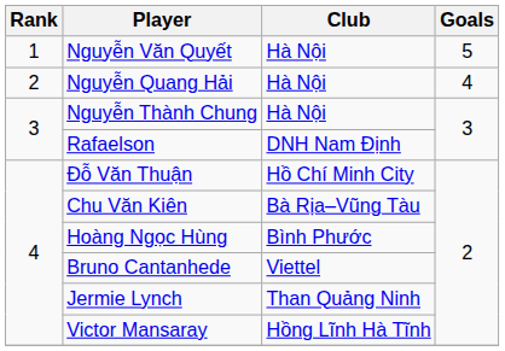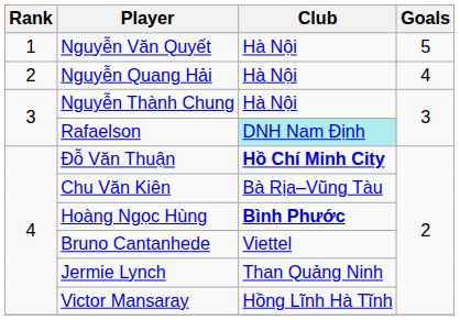 <table class="wikitable" style="text-align:center;">
 <tr>
 <th>Rank</th>
 <th>Player</th>
 <th>Club</th>
 <th>Goals</th>
 </tr>
 <tr>
 <td rowspan=1>1</td>
 <td align="left"> <a href='#'>Nguyễn Văn Quyết</a></td>
 <td align="left"><a href='#'>Hà Nội</a></td>
 <td rowspan=1>5</td>
 </tr>
 <tr>
 <td rowspan=1>2</td>
 <td align="left"> <a href='#'>Nguyễn Quang Hải</a></td>
 <td align="left"><a href='#'>Hà Nội</a></td>
 <td rowspan=1>4</td>
 </tr>
 <tr>
 <td rowspan=2>3</td>
 <td align="left"> <a href='#'>Nguyễn Thành Chung</a></td>
 <td align="left"><a href='#'>Hà Nội</a></td>
 <td rowspan=2>3</td>
 </tr>
 <tr>
 <td align="left"> <a href='#'>Rafaelson</a></td>
-<td align="left"><a href='#'>DNH Nam Định</a></td>
+<td align="left" style="background: paleturquoise;"><a href='#'>DNH Nam Định</a></td>
 </tr>
 <tr>
 <td rowspan=6>4</td>
 <td align="left"> <a href='#'>Đỗ Văn Thuận</a></td>
-<td align="left"><a href='#'>Hồ Chí Minh City</a></td>
+<td align="left"><strong><a href='#'>Hồ Chí Minh City</a></strong></td>
 <td rowspan=6>2</td>
 </tr>
 <tr>
 <td align="left"> <a href='#'>Chu Văn Kiên</a></td>
 <td align="left"><a href='#'>Bà Rịa–Vũng Tàu</a></td>
 </tr>
 <tr>
 <td align="left"> <a href='#'>Hoàng Ngọc Hùng</a></td>
-<td align="left"><a href='#'>Bình Phước</a></td>
+<td align="left"><strong><a href='#'>Bình Phước</a></strong></td>
 </tr>
 <tr>
 <td align="left"> <a href='#'>Bruno Cantanhede</a></td>
 <td align="left"><a href='#'>Viettel</a></td>
 </tr>
 <tr>
 <td align="left"> <a href='#'>Jermie Lynch</a></td>
 <td align="left"><a href='#'>Than Quảng Ninh</a></td>
 </tr>
 <tr>
 <td align="left"> <a href='#'>Victor Mansaray</a></td>
 <td align="left"><a href='#'>Hồng Lĩnh Hà Tĩnh</a></td>
 </tr>
 <tr>
 </tr>
 </table>
